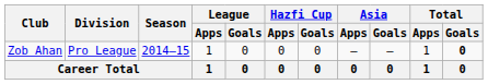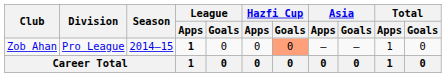 <table class="wikitable" style="text-align: center;">
 <tr>
 <th rowspan="2">Club</th>
 <th rowspan="2">Division</th>
 <th rowspan="2">Season</th>
 <th colspan="2">League</th>
 <th colspan="2"><a href='#'>Hazfi Cup</a></th>
 <th colspan="2"><a href='#'>Asia</a></th>
 <th colspan="2">Total</th>
 </tr>
 <tr>
 <th>Apps</th>
 <th>Goals</th>
 <th>Apps</th>
 <th>Goals</th>
 <th>Apps</th>
 <th>Goals</th>
 <th>Apps</th>
 <th>Goals</th>
 </tr>
 <tr>
 <td><a href='#'>Zob Ahan</a></td>
 <td><a href='#'>Pro League</a></td>
 <td><a href='#'>2014–15</a></td>
-<td>1</td>
+<td><strong>1</strong></td>
 <td>0</td>
 <td>0</td>
-<td>0</td>
+<td style="background: lightsalmon;">0</td>
 <td>–</td>
 <td>–</td>
 <td>1</td>
-<td><strong>0</strong></td>
+<td>0</td>
 </tr>
 <tr>
 <th colspan=3>Career Total</th>
 <th>1</th>
 <th>0</th>
 <th>0</th>
 <th>0</th>
 <th>0</th>
 <th>0</th>
 <th>1</th>
 <th>0</th>
 </tr>
 </table>
